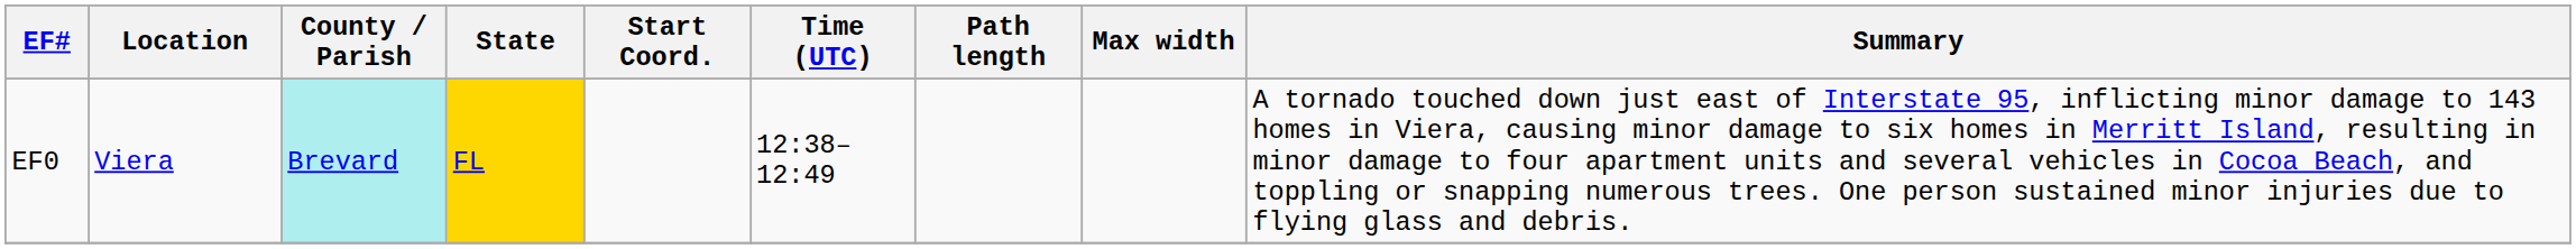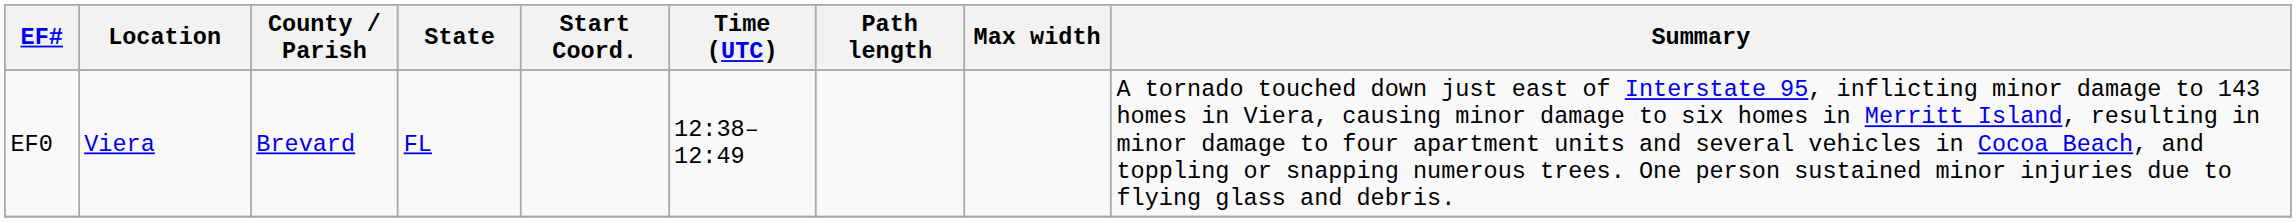 <table class="wikitable sortable" style="width:100%;">
 <tr>
 <th scope="col" width="3%" align="center"><a href='#'>EF#</a></th>
 <th scope="col" width="7%" align="center" class="unsortable">Location</th>
 <th scope="col" width="6%" align="center" class="unsortable">County / Parish</th>
 <th scope="col" width="5%" align="center">State</th>
 <th scope="col" width="6%" align="center">Start Coord.</th>
 <th scope="col" width="6%" align="center">Time (<a href='#'>UTC</a>)</th>
 <th scope="col" width="6%" align="center">Path length</th>
 <th scope="col" width="6%" align="center">Max width</th>
 <th scope="col" width="48%" class="unsortable" align="center">Summary</th>
 </tr>
 <tr>
 <td>EF0</td>
 <td><a href='#'>Viera</a></td>
-<td style="background: paleturquoise;"><a href='#'>Brevard</a></td>
-<td style="background: gold;"><a href='#'>FL</a></td>
+<td><a href='#'>Brevard</a></td>
+<td><a href='#'>FL</a></td>
 <td></td>
 <td>12:38–12:49</td>
 <td></td>
 <td></td>
 <td>A tornado touched down just east of <a href='#'>Interstate 95</a>, inflicting minor damage to 143 homes in Viera, causing minor damage to six homes in <a href='#'>Merritt Island</a>, resulting in minor damage to four apartment units and several vehicles in <a href='#'>Cocoa Beach</a>, and toppling or snapping numerous trees. One person sustained minor injuries due to flying glass and debris.</td>
 </tr>
 <tr>
 </tr>
 </table>
